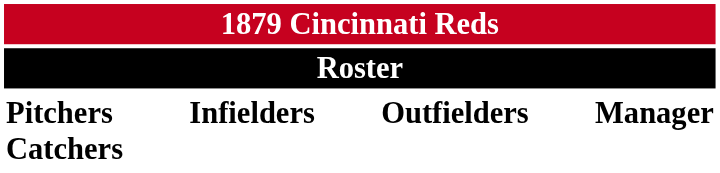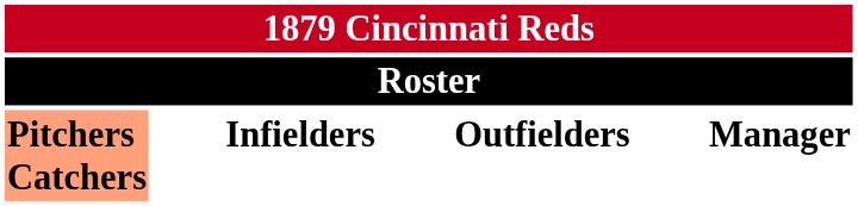 <table class="toccolours" style="font-size: 95%;">
 <tr>
 <th colspan="10" style="background-color: #c6011f; color: white; text-align: center;">1879 Cincinnati Reds</th>
 </tr>
 <tr>
 <td colspan="10" style="background-color: black; color: white; text-align: center;"><strong>Roster</strong></td>
 </tr>
 <tr>
-<td valign="top"><strong>Pitchers</strong><br> <strong>Catchers</strong> </td>
+<td valign="top" style="background: lightsalmon;"><strong>Pitchers</strong><br> <strong>Catchers</strong> </td>
 <td width="25px"></td>
 <td valign="top"><strong>Infielders</strong><br>     </td>
 <td width="25px"></td>
 <td valign="top"><strong>Outfielders</strong><br>     </td>
 <td width="25px"></td>
 <td valign="top"><strong>Manager</strong><br> </td>
 </tr>
 </table>
